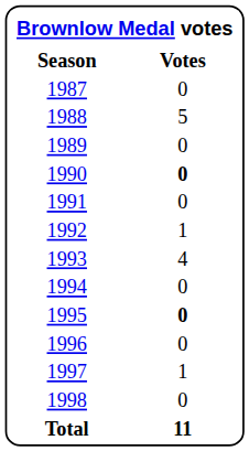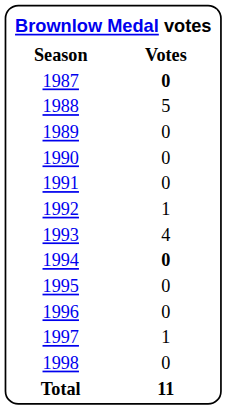 <table style="margin-right: 4px; margin-top: 8px; float: right; border: 1px #000000 solid; border-radius: 8px; background: #FFFFFF; font-family: Verdana; font-size: 8pt; text-align: center;">
 <tr style="background:#FFFFFF;">
 <td colspan=2; style="padding: 3px; margin-bottom: -3px; margin-top: 2px; font-family: Arial; background:#FFFFFF;"><strong><a href='#'>Brownlow Medal</a> votes</strong></td>
 </tr>
 <tr>
 <th width=50%>Season</th>
 <th width=50%>Votes</th>
 </tr>
 <tr>
 <td><a href='#'>1987</a></td>
-<td>0</td>
+<td><strong>0</strong></td>
 </tr>
 <tr>
 <td><a href='#'>1988</a></td>
 <td>5</td>
 </tr>
 <tr>
 <td><a href='#'>1989</a></td>
 <td>0</td>
 </tr>
 <tr>
 <td><a href='#'>1990</a></td>
-<td><strong>0</strong></td>
+<td>0</td>
 </tr>
 <tr>
 <td><a href='#'>1991</a></td>
 <td>0</td>
 </tr>
 <tr>
 <td><a href='#'>1992</a></td>
 <td>1</td>
 </tr>
 <tr>
 <td><a href='#'>1993</a></td>
 <td>4</td>
 </tr>
 <tr>
 <td><a href='#'>1994</a></td>
-<td>0</td>
+<td><strong>0</strong></td>
 </tr>
 <tr>
 <td><a href='#'>1995</a></td>
-<td><strong>0</strong></td>
+<td>0</td>
 </tr>
 <tr>
 <td><a href='#'>1996</a></td>
 <td>0</td>
 </tr>
 <tr>
 <td><a href='#'>1997</a></td>
 <td>1</td>
 </tr>
 <tr>
 <td><a href='#'>1998</a></td>
 <td>0</td>
 </tr>
 <tr>
 <td><strong>Total</strong></td>
 <td><strong>11</strong></td>
 </tr>
 </table>
